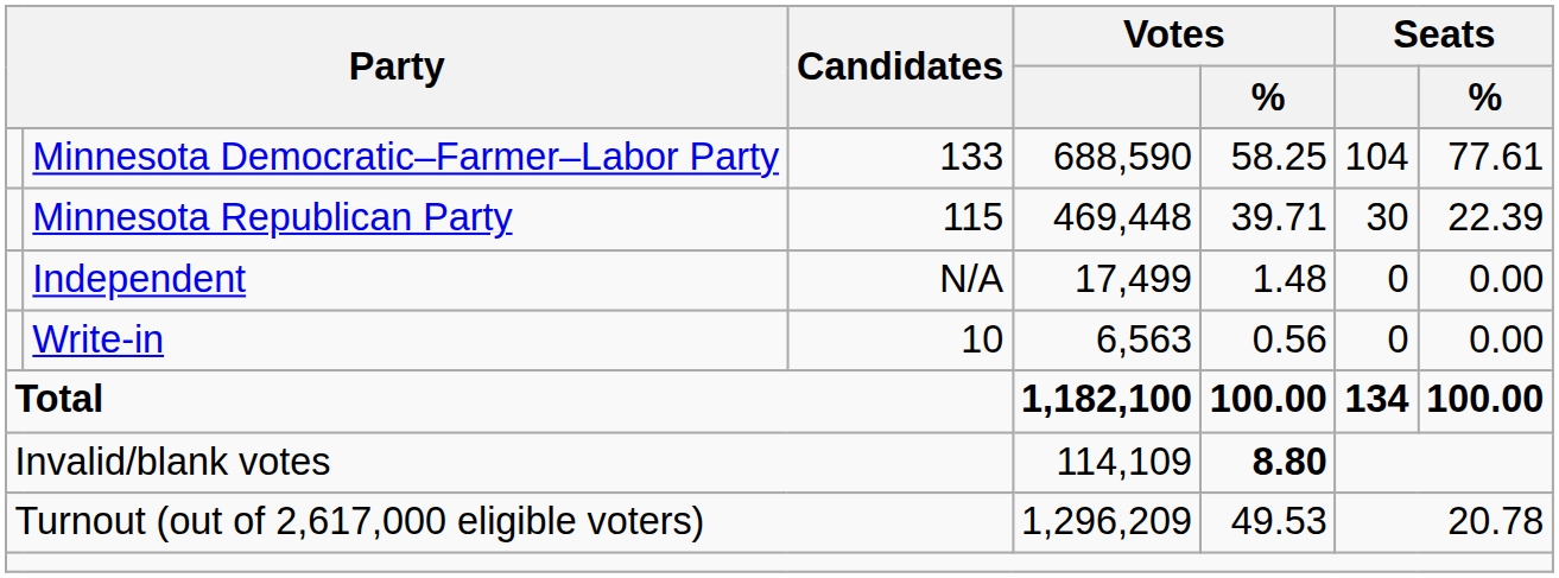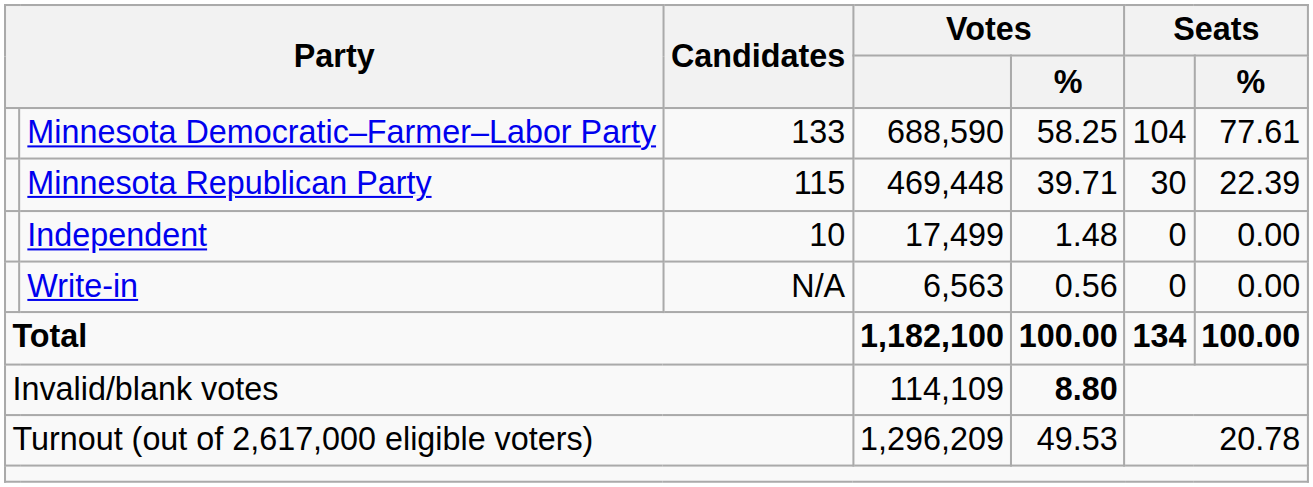 <table class="wikitable">
 <tr>
 <th rowspan="2" colspan="2">Party</th>
 <th rowspan="2">Candidates</th>
 <th colspan="2">Votes</th>
 <th colspan="2">Seats</th>
 </tr>
 <tr>
 <th></th>
 <th>%</th>
 <th></th>
 <th>%</th>
 </tr>
 <tr>
 <td style="background-color:"></td>
 <td><a href='#'>Minnesota Democratic–Farmer–Labor Party</a></td>
 <td align="right">133</td>
 <td align="right">688,590</td>
 <td align="right">58.25</td>
 <td align="right">104</td>
 <td align="right">77.61</td>
 </tr>
 <tr>
 <td style="background-color:"></td>
 <td><a href='#'>Minnesota Republican Party</a></td>
 <td align="right">115</td>
 <td align="right">469,448</td>
 <td align="right">39.71</td>
 <td align="right">30</td>
 <td align="right">22.39</td>
 </tr>
 <tr>
 <td style="background-color:"></td>
 <td><a href='#'>Independent</a></td>
-<td align="right">N/A</td>
+<td align="right">10</td>
 <td align="right">17,499</td>
 <td align="right">1.48</td>
 <td align="right">0</td>
 <td align="right">0.00</td>
 </tr>
 <tr>
 <td style="background-color:"></td>
 <td><a href='#'>Write-in</a></td>
-<td align="right">10</td>
+<td align="right">N/A</td>
 <td align="right">6,563</td>
 <td align="right">0.56</td>
 <td align="right">0</td>
 <td align="right">0.00</td>
 </tr>
 <tr>
 <td colspan="3" align="left"><strong>Total</strong></td>
 <td align="right"><strong>1,182,100</strong></td>
 <td align="right"><strong>100.00</strong></td>
 <td align="right"><strong>134</strong></td>
 <td align="right"><strong>100.00</strong></td>
 </tr>
 <tr>
 <td colspan="3" align="left">Invalid/blank votes</td>
 <td colspan="1" align="right">114,109</td>
 <td colspan="1" align="right"><strong>8.80</strong></td>
 <td colspan="2"></td>
 </tr>
 <tr>
 <td colspan="3" align="left">Turnout (out of 2,617,000 eligible voters)</td>
 <td colspan="1" align="right">1,296,209</td>
 <td colspan="1" align="right">49.53</td>
 <td colspan="2" align="right">20.78 </td>
 </tr>
 <tr>
 <td colspan="7"></td>
 </tr>
 </table>
